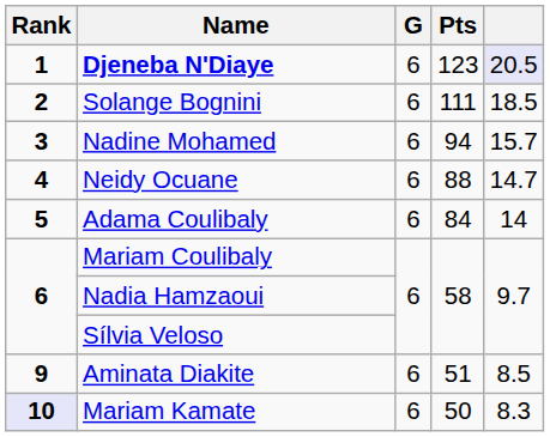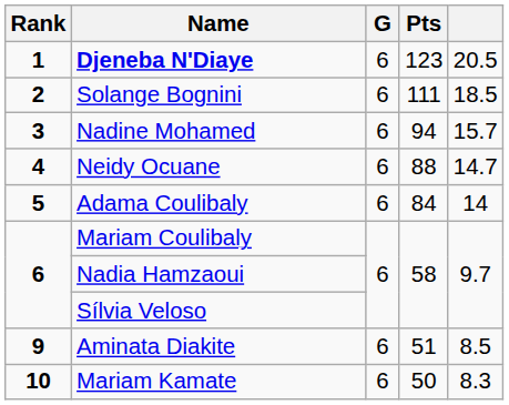 <table class="wikitable" style="text-align:center; font-size:90%;">
 <tr>
 <th width=10px>Rank</th>
 <th width=180px>Name</th>
 <th width=15px>G</th>
 <th width=10px>Pts</th>
 <th width=10px></th>
 </tr>
 <tr>
 <td><strong>1</strong></td>
 <td align=left> <strong><a href='#'>Djeneba N'Diaye</a></strong></td>
 <td>6</td>
 <td>123</td>
-<td style="background: lavender;">20.5</td>
+<td>20.5</td>
 </tr>
 <tr>
 <td><strong>2</strong></td>
 <td align=left> <a href='#'>Solange Bognini</a></td>
 <td>6</td>
 <td>111</td>
 <td>18.5</td>
 </tr>
 <tr>
 <td><strong>3</strong></td>
 <td align=left> <a href='#'>Nadine Mohamed</a></td>
 <td>6</td>
 <td>94</td>
 <td>15.7</td>
 </tr>
 <tr>
 <td><strong>4</strong></td>
 <td align=left> <a href='#'>Neidy Ocuane</a></td>
 <td>6</td>
 <td>88</td>
 <td>14.7</td>
 </tr>
 <tr>
 <td><strong>5</strong></td>
 <td align=left> <a href='#'>Adama Coulibaly</a></td>
 <td>6</td>
 <td>84</td>
 <td>14</td>
 </tr>
 <tr>
 <td rowspan=3><strong>6</strong></td>
 <td align=left> <a href='#'>Mariam Coulibaly</a></td>
 <td rowspan=3>6</td>
 <td rowspan=3>58</td>
 <td rowspan=3>9.7</td>
 </tr>
 <tr>
 <td align=left> <a href='#'>Nadia Hamzaoui</a></td>
 </tr>
 <tr>
 <td align=left> <a href='#'>Sílvia Veloso</a></td>
 </tr>
 <tr>
 <td><strong>9</strong></td>
 <td align=left> <a href='#'>Aminata Diakite</a></td>
 <td>6</td>
 <td>51</td>
 <td>8.5</td>
 </tr>
 <tr>
-<td style="background: lavender;"><strong>10</strong></td>
+<td><strong>10</strong></td>
 <td align=left> <a href='#'>Mariam Kamate</a></td>
 <td>6</td>
 <td>50</td>
 <td>8.3</td>
 </tr>
 </table>
